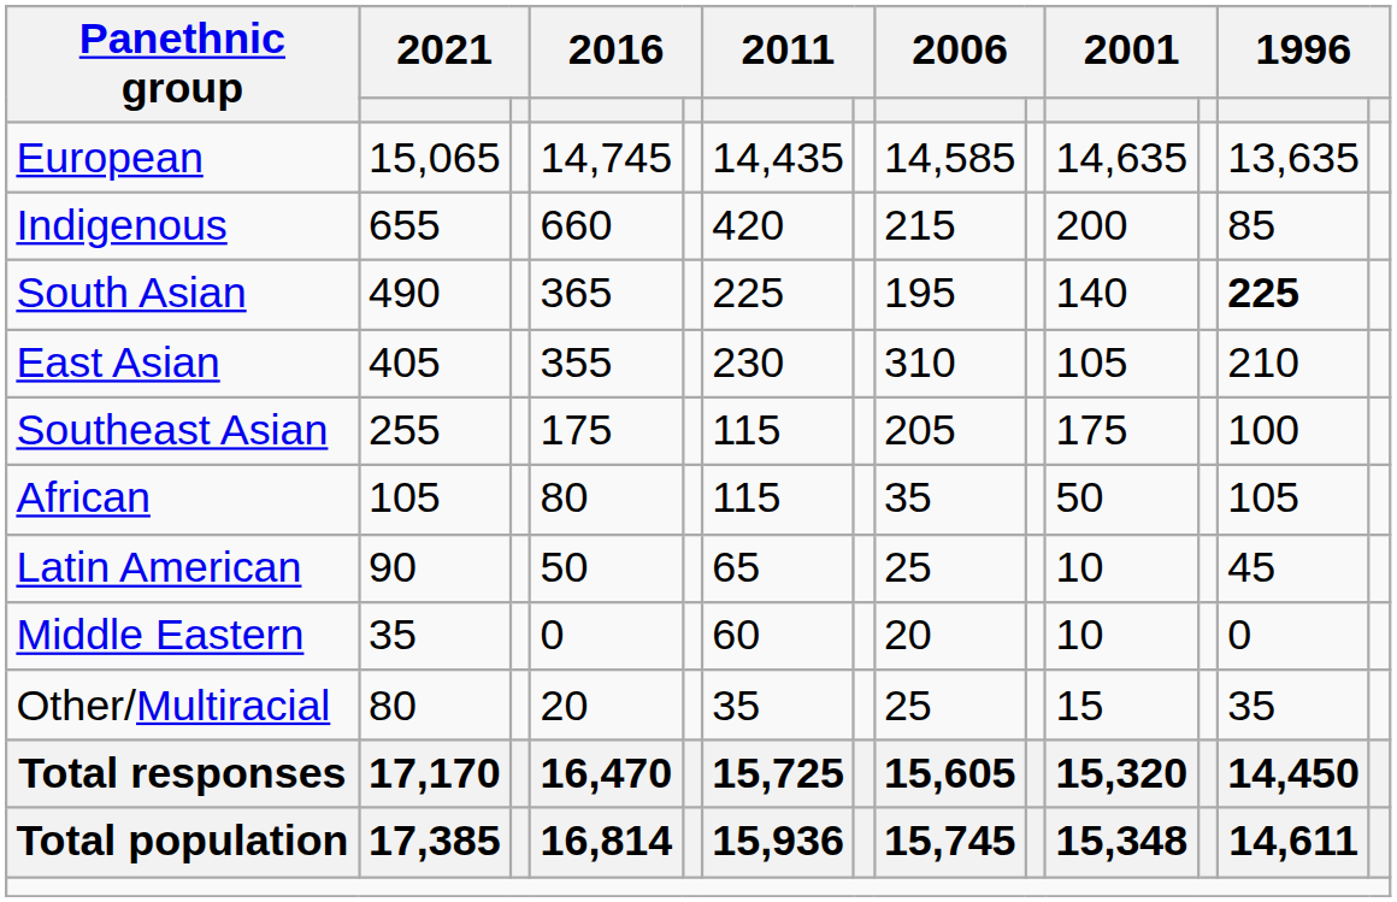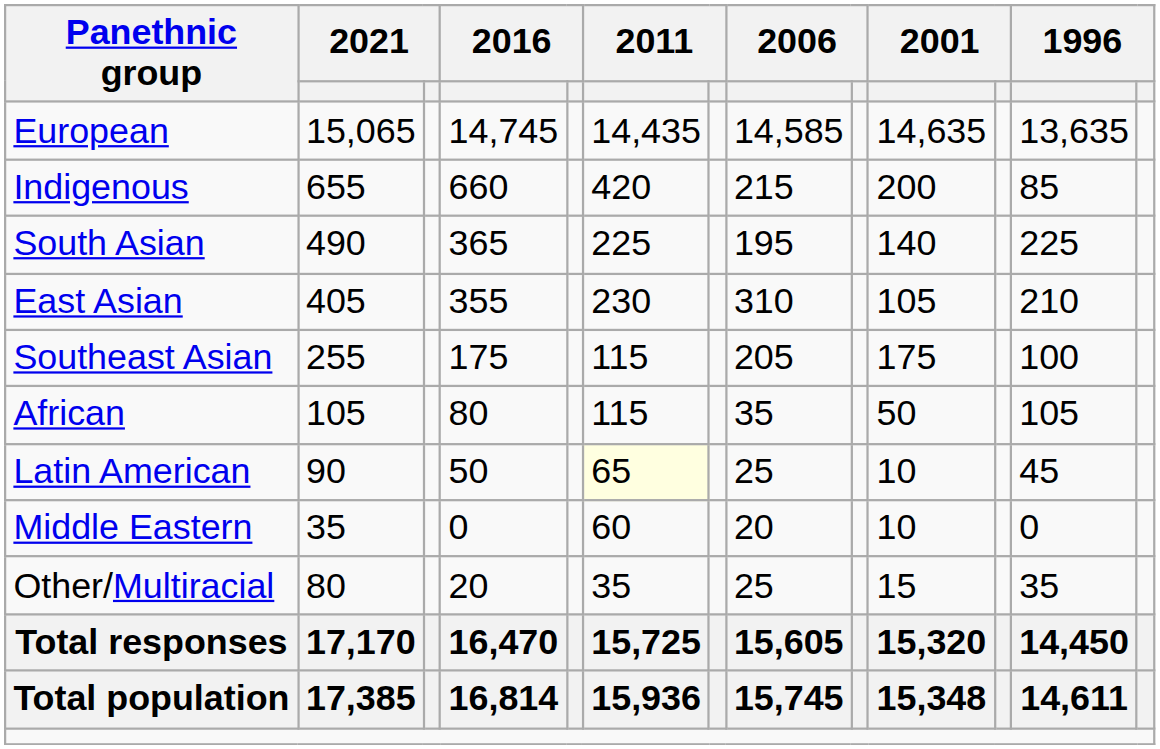 <table class="wikitable collapsible sortable">
 <tr>
 <th rowspan="2"><a href='#'>Panethnic</a><br>group</th>
 <th colspan="2">2021</th>
 <th colspan="2">2016</th>
 <th colspan="2">2011</th>
 <th colspan="2">2006</th>
 <th colspan="2">2001</th>
 <th colspan="2">1996</th>
 </tr>
 <tr>
 <th><a href='#'></a></th>
 <th></th>
 <th></th>
 <th></th>
 <th></th>
 <th></th>
 <th></th>
 <th></th>
 <th></th>
 <th></th>
 <th></th>
 <th></th>
 </tr>
 <tr>
 <td><a href='#'>European</a></td>
 <td>15,065</td>
 <td></td>
 <td>14,745</td>
 <td></td>
 <td>14,435</td>
 <td></td>
 <td>14,585</td>
 <td></td>
 <td>14,635</td>
 <td></td>
 <td>13,635</td>
 <td></td>
 </tr>
 <tr>
 <td><a href='#'>Indigenous</a></td>
 <td>655</td>
 <td></td>
 <td>660</td>
 <td></td>
 <td>420</td>
 <td></td>
 <td>215</td>
 <td></td>
 <td>200</td>
 <td></td>
 <td>85</td>
 <td></td>
 </tr>
 <tr>
 <td><a href='#'>South Asian</a></td>
 <td>490</td>
 <td></td>
 <td>365</td>
 <td></td>
 <td>225</td>
 <td></td>
 <td>195</td>
 <td></td>
 <td>140</td>
 <td></td>
-<td><strong>225</strong></td>
+<td>225</td>
 <td></td>
 </tr>
 <tr>
 <td><a href='#'>East Asian</a></td>
 <td>405</td>
 <td></td>
 <td>355</td>
 <td></td>
 <td>230</td>
 <td></td>
 <td>310</td>
 <td></td>
 <td>105</td>
 <td></td>
 <td>210</td>
 <td></td>
 </tr>
 <tr>
 <td><a href='#'>Southeast Asian</a></td>
 <td>255</td>
 <td></td>
 <td>175</td>
 <td></td>
 <td>115</td>
 <td></td>
 <td>205</td>
 <td></td>
 <td>175</td>
 <td></td>
 <td>100</td>
 <td></td>
 </tr>
 <tr>
 <td><a href='#'>African</a></td>
 <td>105</td>
 <td></td>
 <td>80</td>
 <td></td>
 <td>115</td>
 <td></td>
 <td>35</td>
 <td></td>
 <td>50</td>
 <td></td>
 <td>105</td>
 <td></td>
 </tr>
 <tr>
 <td><a href='#'>Latin American</a></td>
 <td>90</td>
 <td></td>
 <td>50</td>
 <td></td>
-<td>65</td>
+<td style="background: lightyellow;">65</td>
 <td></td>
 <td>25</td>
 <td></td>
 <td>10</td>
 <td></td>
 <td>45</td>
 <td></td>
 </tr>
 <tr>
 <td><a href='#'>Middle Eastern</a></td>
 <td>35</td>
 <td></td>
 <td>0</td>
 <td></td>
 <td>60</td>
 <td></td>
 <td>20</td>
 <td></td>
 <td>10</td>
 <td></td>
 <td>0</td>
 <td></td>
 </tr>
 <tr>
 <td>Other/<a href='#'>Multiracial</a></td>
 <td>80</td>
 <td></td>
 <td>20</td>
 <td></td>
 <td>35</td>
 <td></td>
 <td>25</td>
 <td></td>
 <td>15</td>
 <td></td>
 <td>35</td>
 <td></td>
 </tr>
 <tr>
 <th>Total responses</th>
 <th>17,170</th>
 <th></th>
 <th>16,470</th>
 <th></th>
 <th>15,725</th>
 <th></th>
 <th>15,605</th>
 <th></th>
 <th>15,320</th>
 <th></th>
 <th>14,450</th>
 <th></th>
 </tr>
 <tr>
 <th>Total population</th>
 <th>17,385</th>
 <th></th>
 <th>16,814</th>
 <th></th>
 <th>15,936</th>
 <th></th>
 <th>15,745</th>
 <th></th>
 <th>15,348</th>
 <th></th>
 <th>14,611</th>
 <th></th>
 </tr>
 <tr class="sortbottom">
 <td colspan="15"></td>
 </tr>
 </table>
